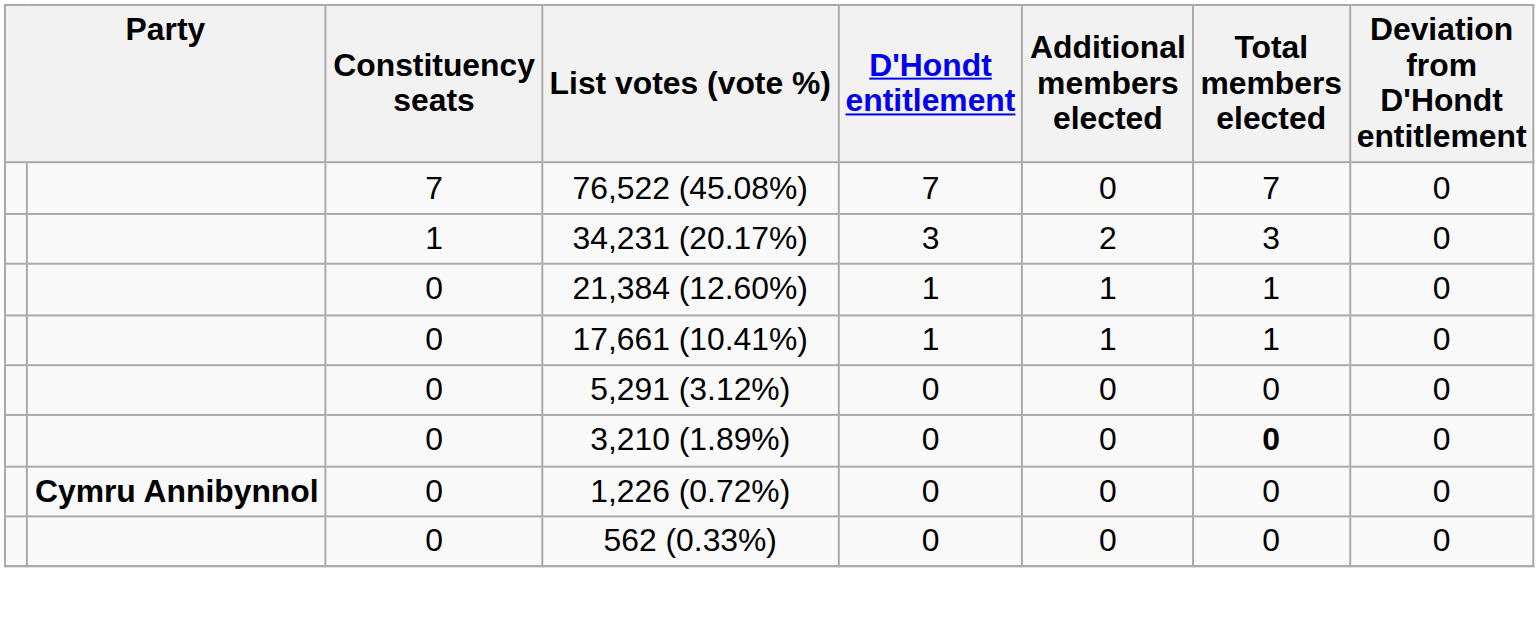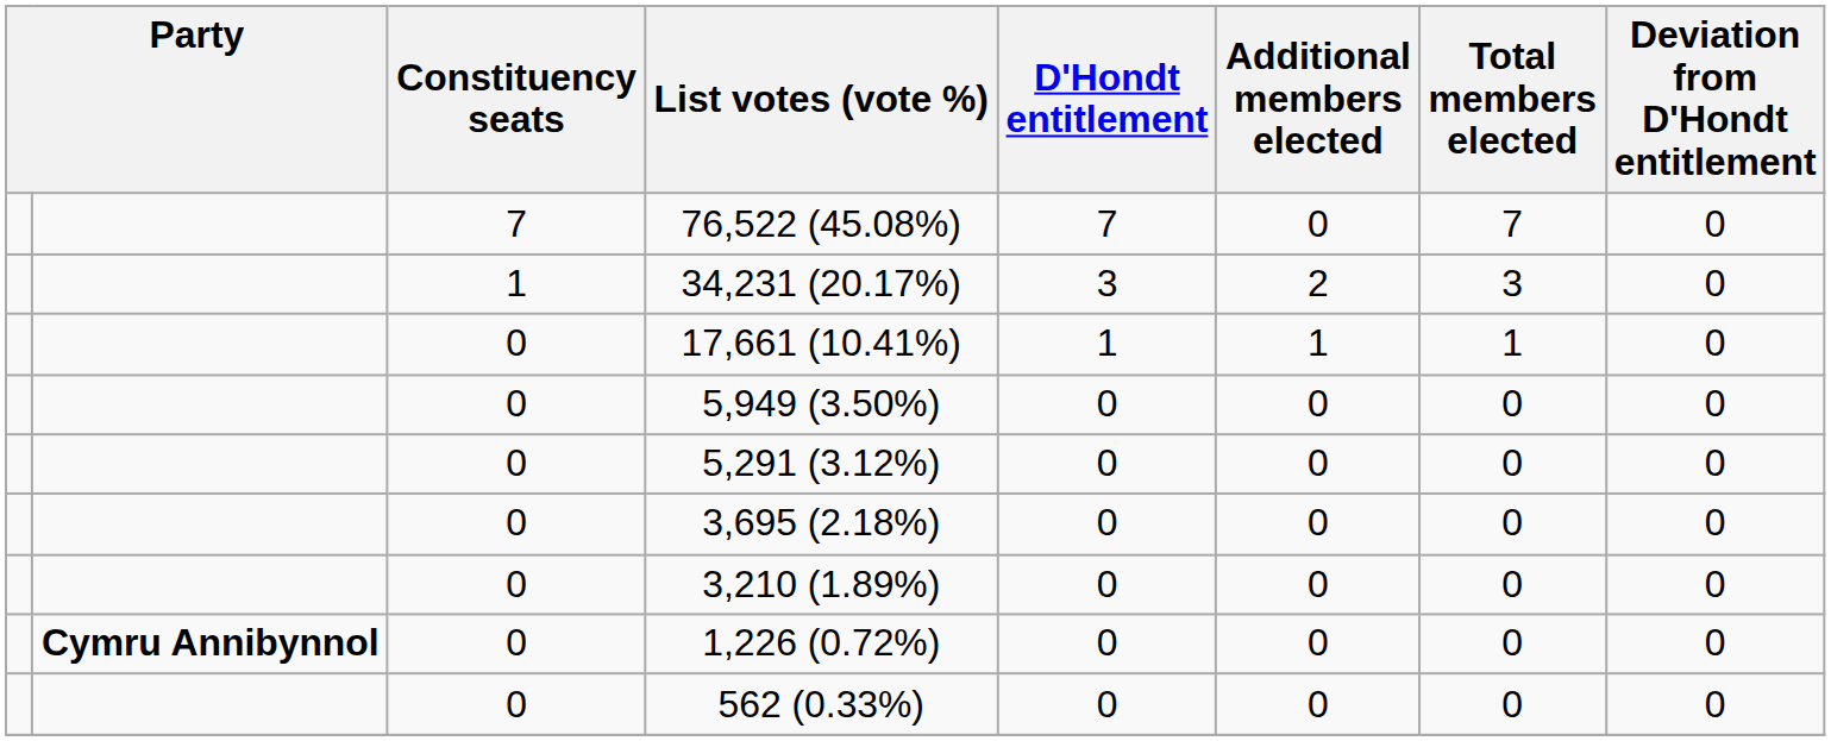 <table class="wikitable" style="text-align:center">
 <tr>
 <th colspan="2" rowspan="1" align="center" valign="top">Party</th>
 <th>Constituency<br>seats</th>
 <th>List votes  (vote %)</th>
 <th><a href='#'>D'Hondt<br>entitlement</a></th>
 <th>Additional<br>members<br>elected</th>
 <th>Total<br>members<br>elected</th>
 <th>Deviation<br>from<br>D'Hondt<br>entitlement</th>
 </tr>
 <tr>
 <td style="width: 4px" bgcolor=></td>
 <td style="text-align: left;" scope="row"><strong><a href='#'></a></strong></td>
 <td>7</td>
 <td>76,522 (45.08%)</td>
 <td>7</td>
 <td>0</td>
 <td>7</td>
 <td>0</td>
 </tr>
 <tr>
 <td style="width: 4px"></td>
 <td style="text-align: left;" scope="row"><strong><a href='#'></a></strong></td>
 <td>1</td>
 <td>34,231 (20.17%)</td>
 <td>3</td>
 <td>2</td>
 <td>3</td>
 <td>0</td>
 </tr>
 <tr>
-<td style="width: 4px" bgcolor=></td>
-<td style="text-align: left;" scope="row"><strong><a href='#'></a></strong></td>
-<td>0</td>
-<td>21,384 (12.60%)</td>
-<td>1</td>
-<td>1</td>
-<td>1</td>
-<td>0</td>
-</tr>
-<tr>
 <td style="width: 4px"></td>
 <td style="text-align: left;" scope="row"><strong><a href='#'></a></strong></td>
 <td>0</td>
 <td>17,661 (10.41%)</td>
 <td>1</td>
 <td>1</td>
 <td>1</td>
 <td>0</td>
 </tr>
 <tr>
 <td style="width: 4px"></td>
 <td style="text-align: left;" scope="row"><strong><a href='#'></a></strong></td>
 <td>0</td>
+<td>5,949 (3.50%)</td>
+<td>0</td>
+<td>0</td>
+<td>0</td>
+<td>0</td>
+</tr>
+<tr>
+<td style="width: 4px"></td>
+<td style="text-align: left;" scope="row"><strong><a href='#'></a></strong></td>
+<td>0</td>
 <td>5,291 (3.12%)</td>
+<td>0</td>
+<td>0</td>
+<td>0</td>
+<td>0</td>
+</tr>
+<tr>
+<td style="width: 4px"></td>
+<td style="text-align: left;" scope="row"><strong><a href='#'></a></strong></td>
+<td>0</td>
+<td>3,695 (2.18%)</td>
 <td>0</td>
 <td>0</td>
 <td>0</td>
 <td>0</td>
 </tr>
 <tr>
 <td style="width: 4px" bgcolor=></td>
 <td style="text-align: left;" scope="row"><strong><a href='#'></a></strong></td>
 <td>0</td>
 <td>3,210 (1.89%)</td>
 <td>0</td>
 <td>0</td>
-<td><strong>0</strong></td>
+<td>0</td>
 <td>0</td>
 </tr>
 <tr>
 <td></td>
 <td style="text-align: left;" scope="row"><strong>Cymru Annibynnol</strong></td>
 <td>0</td>
 <td>1,226 (0.72%)</td>
 <td>0</td>
 <td>0</td>
 <td>0</td>
 <td>0</td>
 </tr>
 <tr>
 <td style="width: 4px" bgcolor=></td>
 <td style="text-align: left;" scope="row"><strong><a href='#'></a></strong></td>
 <td>0</td>
 <td>562 (0.33%)</td>
 <td>0</td>
 <td>0</td>
 <td>0</td>
 <td>0</td>
 </tr>
 <tr>
 </tr>
 </table>
